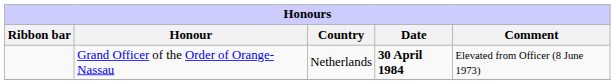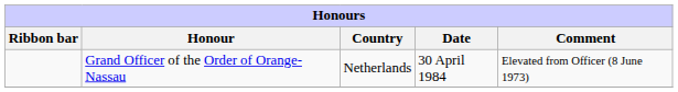 <table class="wikitable" style="width:60%;">
 <tr style="background:#ccf; text-align:center;">
 <td colspan=5><strong>Honours</strong></td>
 </tr>
 <tr>
 <th style="width:80px;">Ribbon bar</th>
 <th>Honour</th>
 <th>Country</th>
 <th>Date</th>
 <th>Comment</th>
 </tr>
 <tr>
 <td></td>
 <td><a href='#'>Grand Officer</a> of the <a href='#'>Order of Orange-Nassau</a></td>
 <td>Netherlands</td>
-<td><strong>30 April 1984</strong></td>
+<td>30 April 1984</td>
 <td><small>Elevated from Officer (8 June 1973)</small></td>
 </tr>
 <tr>
 </tr>
 </table>
